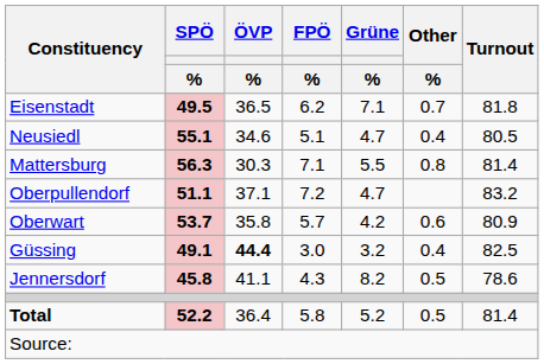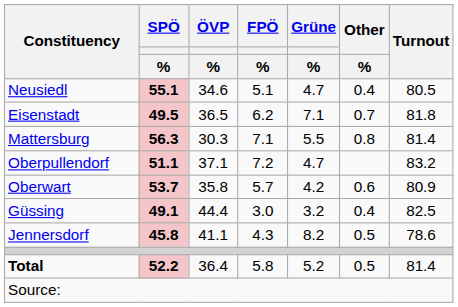 <table class="wikitable" style="text-align:center;font-size:90%;line-height:16px">
 <tr style="height:40px;">
 <th style="width:120px;" rowspan="3">Constituency</th>
 <th style="width:40px;" colspan="1"><a href='#'>SPÖ</a></th>
 <th style="width:40px;" colspan="1"><a href='#'>ÖVP</a></th>
 <th style="width:40px;" colspan="1"><a href='#'>FPÖ</a></th>
 <th style="width:40px;" colspan="1"><a href='#'>Grüne</a></th>
 <th class="unsortable" style="width:40px;" rowspan="2">Other</th>
 <th class="unsortable" style="width:40px;" rowspan="3">Turnout</th>
 </tr>
 <tr>
 <th colspan="1" style="background:"></th>
 <th colspan="1" style="background:"></th>
 <th colspan="1" style="background:"></th>
 <th colspan="1" style="background:"></th>
 </tr>
 <tr>
 <th class=unsortable>%</th>
 <th class=unsortable>%</th>
 <th class=unsortable>%</th>
 <th class=unsortable>%</th>
 <th class=unsortable>%</th>
 </tr>
 <tr>
+<td align=left><a href='#'>Neusiedl</a></td>
+<td bgcolor=#F4C6C9><strong>55.1</strong></td>
+<td>34.6</td>
+<td>5.1</td>
+<td>4.7</td>
+<td>0.4</td>
+<td>80.5</td>
+</tr>
+<tr>
 <td align=left><a href='#'>Eisenstadt</a></td>
 <td bgcolor=#F4C6C9><strong>49.5</strong></td>
 <td>36.5</td>
 <td>6.2</td>
 <td>7.1</td>
 <td>0.7</td>
 <td>81.8</td>
-</tr>
-<tr>
-<td align=left><a href='#'>Neusiedl</a></td>
-<td bgcolor=#F4C6C9><strong>55.1</strong></td>
-<td>34.6</td>
-<td>5.1</td>
-<td>4.7</td>
-<td>0.4</td>
-<td>80.5</td>
 </tr>
 <tr>
 <td align=left><a href='#'>Mattersburg</a></td>
 <td bgcolor=#F4C6C9><strong>56.3</strong></td>
 <td>30.3</td>
 <td>7.1</td>
 <td>5.5</td>
 <td>0.8</td>
 <td>81.4</td>
 </tr>
 <tr>
 <td align=left><a href='#'>Oberpullendorf</a></td>
 <td bgcolor=#F4C6C9><strong>51.1</strong></td>
 <td>37.1</td>
 <td>7.2</td>
 <td>4.7</td>
 <td></td>
 <td>83.2</td>
 </tr>
 <tr>
 <td align=left><a href='#'>Oberwart</a></td>
 <td bgcolor=#F4C6C9><strong>53.7</strong></td>
 <td>35.8</td>
 <td>5.7</td>
 <td>4.2</td>
 <td>0.6</td>
 <td>80.9</td>
 </tr>
 <tr>
 <td align=left><a href='#'>Güssing</a></td>
 <td bgcolor=#F4C6C9><strong>49.1</strong></td>
-<td><strong>44.4</strong></td>
+<td>44.4</td>
 <td>3.0</td>
 <td>3.2</td>
 <td>0.4</td>
 <td>82.5</td>
 </tr>
 <tr>
 <td align=left><a href='#'>Jennersdorf</a></td>
 <td bgcolor=#F4C6C9><strong>45.8</strong></td>
 <td>41.1</td>
 <td>4.3</td>
 <td>8.2</td>
 <td>0.5</td>
 <td>78.6</td>
 </tr>
 <tr>
 <td colspan=7 bgcolor=lightgrey></td>
 </tr>
 <tr>
 <td align=left><strong>Total</strong></td>
 <td bgcolor=#F4C6C9><strong>52.2</strong></td>
 <td>36.4</td>
 <td>5.8</td>
 <td>5.2</td>
 <td>0.5</td>
 <td>81.4</td>
 </tr>
 <tr class=sortbottom>
 <td colspan=7 align=left>Source: </td>
 </tr>
 </table>
